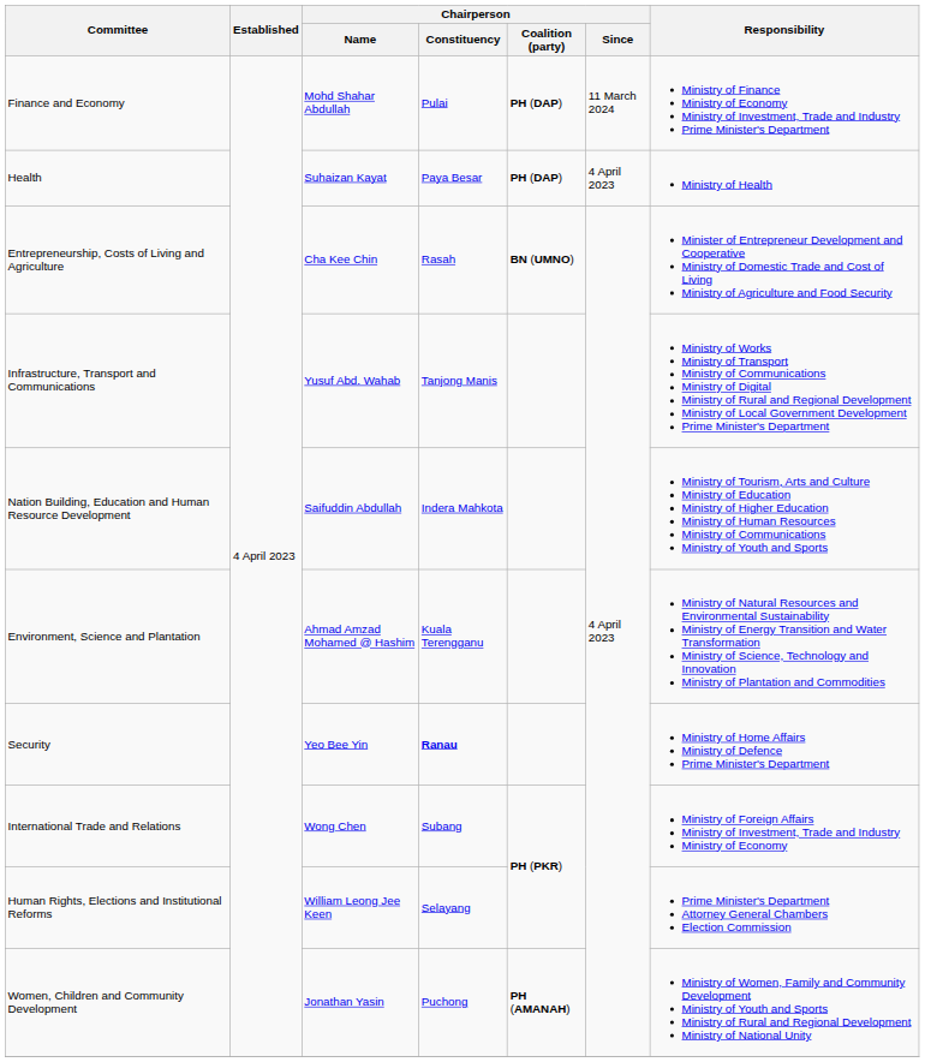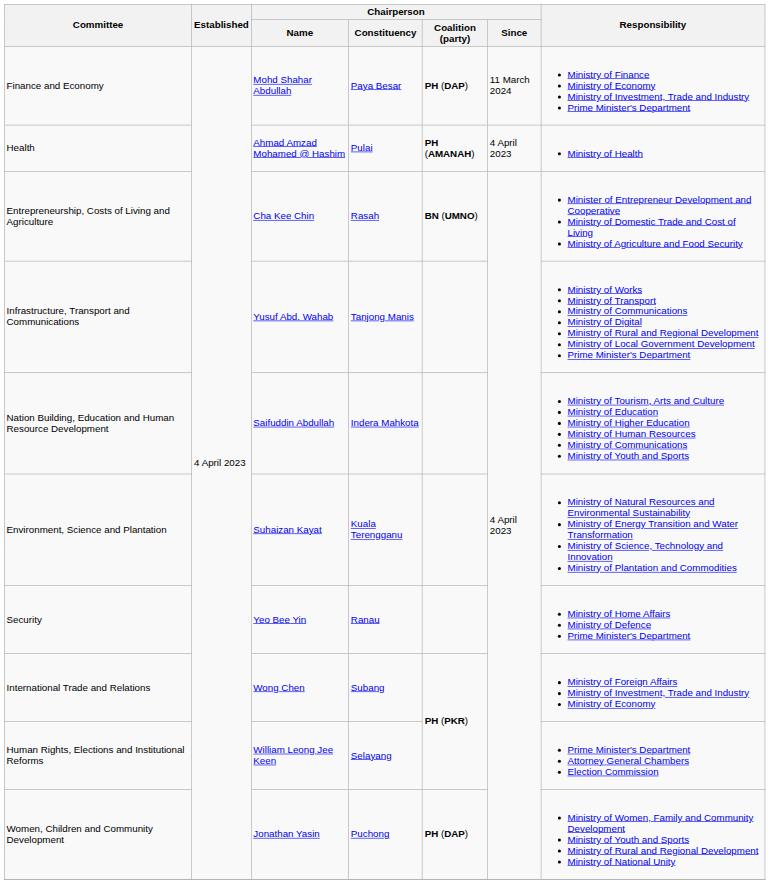 <table class="wikitable">
 <tr>
 <th width=300 rowspan="2">Committee</th>
 <th width=80 rowspan="2">Established</th>
 <th colspan="4">Chairperson</th>
 <th width=360 rowspan="2">Responsibility</th>
 </tr>
 <tr>
 <th>Name</th>
 <th>Constituency</th>
 <th>Coalition (party)</th>
 <th width="80">Since</th>
 </tr>
 <tr>
 <td>Finance and Economy</td>
 <td rowspan="10">4 April 2023</td>
 <td><a href='#'>Mohd Shahar Abdullah</a></td>
-<td><a href='#'>Pulai</a></td>
+<td><a href='#'>Paya Besar</a></td>
 <td><strong>PH</strong> (<strong>DAP</strong>)</td>
 <td>11 March 2024</td>
 <td style="vertical-align: top;"><br><ul><li><a href='#'>Ministry of Finance</a></li><li><a href='#'>Ministry of Economy</a></li><li><a href='#'>Ministry of Investment, Trade and Industry</a></li><li><a href='#'>Prime Minister's Department</a></li></ul></td>
 </tr>
 <tr>
 <td>Health</td>
-<td><a href='#'>Suhaizan Kayat</a></td>
-<td><a href='#'>Paya Besar</a></td>
-<td><strong>PH</strong> (<strong>DAP</strong>)</td>
+<td><a href='#'>Ahmad Amzad Mohamed @ Hashim</a></td>
+<td><a href='#'>Pulai</a></td>
+<td><strong>PH</strong> (<strong>AMANAH</strong>)</td>
 <td>4 April 2023</td>
 <td style="vertical-align: top;"><br><ul><li><a href='#'>Ministry of Health</a></li></ul></td>
 </tr>
 <tr>
 <td>Entrepreneurship, Costs of Living and Agriculture</td>
 <td><a href='#'>Cha Kee Chin</a></td>
 <td><a href='#'>Rasah</a></td>
 <td><strong>BN</strong> (<strong>UMNO</strong>)</td>
 <td rowspan="8">4 April 2023</td>
 <td style="vertical-align: top;"><br><ul><li><a href='#'>Minister of Entrepreneur Development and Cooperative</a></li><li><a href='#'>Ministry of Domestic Trade and Cost of Living</a></li><li><a href='#'>Ministry of Agriculture and Food Security</a></li></ul></td>
 </tr>
 <tr>
 <td>Infrastructure, Transport and Communications</td>
 <td><a href='#'>Yusuf Abd. Wahab</a></td>
 <td><a href='#'>Tanjong Manis</a></td>
 <td></td>
 <td style="vertical-align: top;"><br><ul><li><a href='#'>Ministry of Works</a></li><li><a href='#'>Ministry of Transport</a></li><li><a href='#'>Ministry of Communications</a></li><li><a href='#'>Ministry of Digital</a></li><li><a href='#'>Ministry of Rural and Regional Development</a></li><li><a href='#'>Ministry of Local Government Development</a></li><li><a href='#'>Prime Minister's Department</a></li></ul></td>
 </tr>
 <tr>
 <td>Nation Building, Education and Human Resource Development</td>
 <td><a href='#'>Saifuddin Abdullah</a></td>
 <td><a href='#'>Indera Mahkota</a></td>
 <td></td>
 <td style="vertical-align: top;"><br><ul><li><a href='#'>Ministry of Tourism, Arts and Culture</a></li><li><a href='#'>Ministry of Education</a></li><li><a href='#'>Ministry of Higher Education</a></li><li><a href='#'>Ministry of Human Resources</a></li><li><a href='#'>Ministry of Communications</a></li><li><a href='#'>Ministry of Youth and Sports</a></li></ul></td>
 </tr>
 <tr>
 <td>Environment, Science and Plantation</td>
-<td><a href='#'>Ahmad Amzad Mohamed @ Hashim</a></td>
+<td><a href='#'>Suhaizan Kayat</a></td>
 <td><a href='#'>Kuala Terengganu</a></td>
 <td></td>
 <td style="vertical-align: top;"><br><ul><li><a href='#'>Ministry of Natural Resources and Environmental Sustainability</a></li><li><a href='#'>Ministry of  Energy Transition and Water Transformation</a></li><li><a href='#'>Ministry of Science, Technology and Innovation</a></li><li><a href='#'>Ministry of Plantation and Commodities</a></li></ul></td>
 </tr>
 <tr>
 <td>Security</td>
 <td><a href='#'>Yeo Bee Yin</a></td>
-<td><strong><a href='#'>Ranau</a></strong></td>
+<td><a href='#'>Ranau</a></td>
 <td></td>
 <td style="vertical-align: top;"><br><ul><li><a href='#'>Ministry of Home Affairs</a></li><li><a href='#'>Ministry of Defence</a></li><li><a href='#'>Prime Minister's Department</a></li></ul></td>
 </tr>
 <tr>
 <td>International Trade and Relations</td>
 <td><a href='#'>Wong Chen</a></td>
 <td><a href='#'>Subang</a></td>
 <td rowspan="2"><strong>PH</strong> (<strong>PKR</strong>)</td>
 <td style="vertical-align: top;"><br><ul><li><a href='#'>Ministry of Foreign Affairs</a></li><li><a href='#'>Ministry of Investment, Trade and Industry</a></li><li><a href='#'>Ministry of Economy</a></li></ul></td>
 </tr>
 <tr>
 <td>Human Rights, Elections and Institutional Reforms</td>
 <td><a href='#'>William Leong Jee Keen</a></td>
 <td><a href='#'>Selayang</a></td>
 <td><br><ul><li><a href='#'>Prime Minister's Department</a></li><li><a href='#'>Attorney General Chambers</a></li><li><a href='#'>Election Commission</a></li></ul></td>
 </tr>
 <tr>
 <td>Women, Children and Community Development</td>
 <td><a href='#'>Jonathan Yasin</a></td>
 <td><a href='#'>Puchong</a></td>
-<td><strong>PH</strong> (<strong>AMANAH</strong>)</td>
+<td><strong>PH</strong> (<strong>DAP</strong>)</td>
 <td style="vertical-align: top;"><br><ul><li><a href='#'>Ministry of Women, Family and Community Development</a></li><li><a href='#'>Ministry of Youth and Sports</a></li><li><a href='#'>Ministry of Rural and Regional Development</a></li><li><a href='#'>Ministry of National Unity</a></li></ul></td>
 </tr>
 <tr>
 </tr>
 </table>
